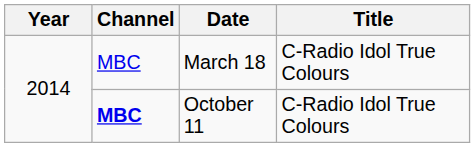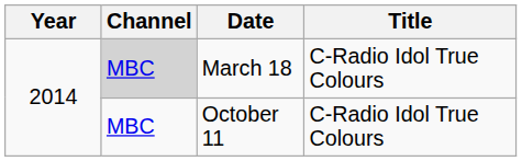 <table class="wikitable plainrowheaders" style="width:30%;">
 <tr>
 <th style="width:4em">Year</th>
 <th>Channel</th>
 <th>Date</th>
 <th>Title</th>
 </tr>
 <tr>
 <td rowspan="2" style="text-align:center;">2014</td>
-<td><a href='#'>MBC</a></td>
+<td style="background: lightgrey;"><a href='#'>MBC</a></td>
 <td>March 18</td>
 <td>C-Radio Idol True Colours</td>
 </tr>
 <tr>
-<td><strong><a href='#'>MBC</a></strong></td>
+<td><a href='#'>MBC</a></td>
 <td>October 11</td>
 <td>C-Radio Idol True Colours</td>
 </tr>
 </table>
